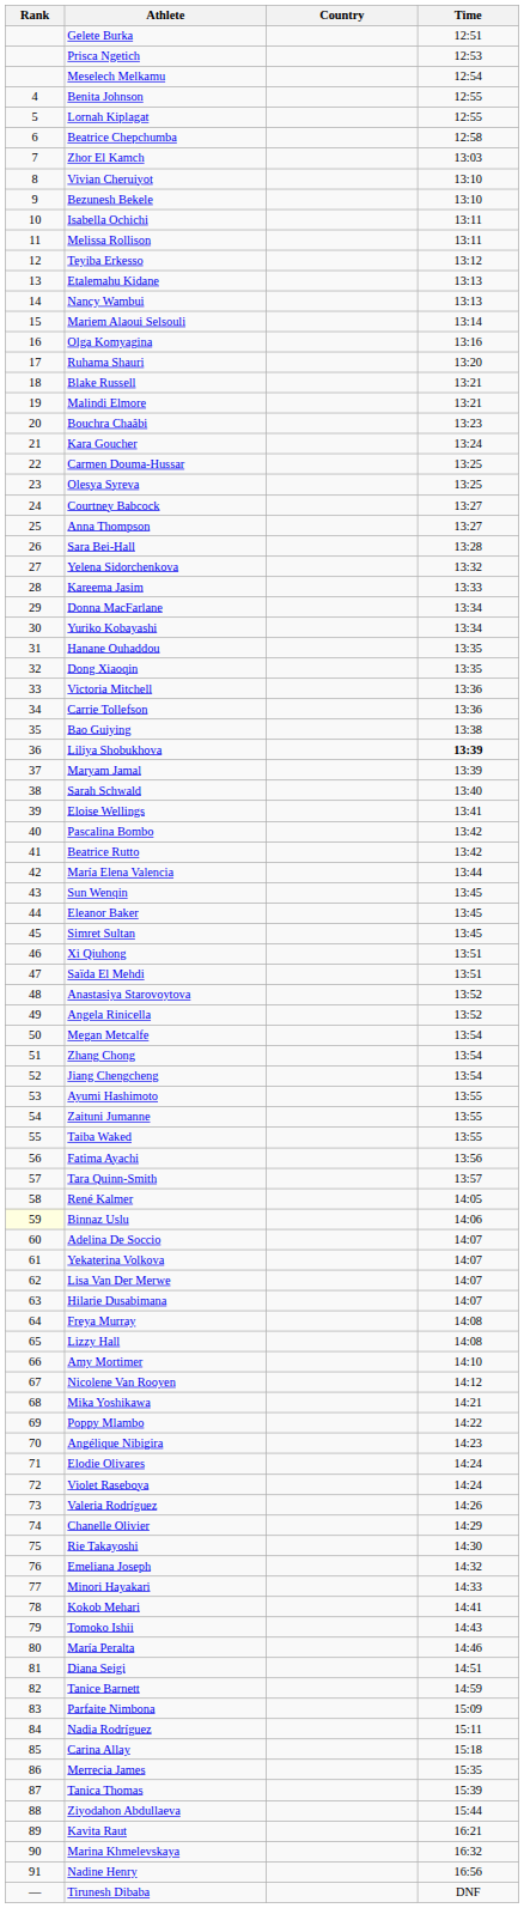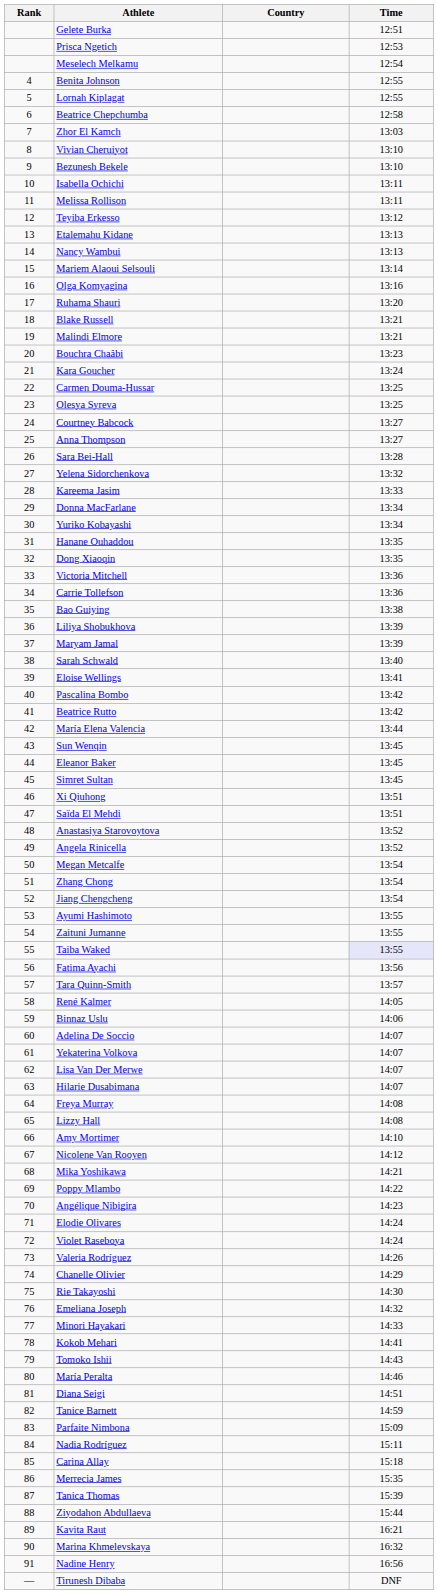 <table class="wikitable sortable" style=" text-align:center; font-size:95%;" width="50%">
 <tr>
 <th width=5%>Rank</th>
 <th width=20%>Athlete</th>
 <th width=15%>Country</th>
 <th width=10%>Time</th>
 </tr>
 <tr>
 <td align=center></td>
 <td align=left><a href='#'>Gelete Burka</a></td>
 <td align=left></td>
 <td>12:51</td>
 </tr>
 <tr>
 <td align=center></td>
 <td align=left><a href='#'>Prisca Ngetich</a></td>
 <td align=left></td>
 <td>12:53</td>
 </tr>
 <tr>
 <td align=center></td>
 <td align=left><a href='#'>Meselech Melkamu</a></td>
 <td align=left></td>
 <td>12:54</td>
 </tr>
 <tr>
 <td align=center>4</td>
 <td align=left><a href='#'>Benita Johnson</a></td>
 <td align=left></td>
 <td>12:55</td>
 </tr>
 <tr>
 <td align=center>5</td>
 <td align=left><a href='#'>Lornah Kiplagat</a></td>
 <td align=left></td>
 <td>12:55</td>
 </tr>
 <tr>
 <td align=center>6</td>
 <td align=left><a href='#'>Beatrice Chepchumba</a></td>
 <td align=left></td>
 <td>12:58</td>
 </tr>
 <tr>
 <td align=center>7</td>
 <td align=left><a href='#'>Zhor El Kamch</a></td>
 <td align=left></td>
 <td>13:03</td>
 </tr>
 <tr>
 <td align=center>8</td>
 <td align=left><a href='#'>Vivian Cheruiyot</a></td>
 <td align=left></td>
 <td>13:10</td>
 </tr>
 <tr>
 <td align=center>9</td>
 <td align=left><a href='#'>Bezunesh Bekele</a></td>
 <td align=left></td>
 <td>13:10</td>
 </tr>
 <tr>
 <td align=center>10</td>
 <td align=left><a href='#'>Isabella Ochichi</a></td>
 <td align=left></td>
 <td>13:11</td>
 </tr>
 <tr>
 <td align=center>11</td>
 <td align=left><a href='#'>Melissa Rollison</a></td>
 <td align=left></td>
 <td>13:11</td>
 </tr>
 <tr>
 <td align=center>12</td>
 <td align=left><a href='#'>Teyiba Erkesso</a></td>
 <td align=left></td>
 <td>13:12</td>
 </tr>
 <tr>
 <td align=center>13</td>
 <td align=left><a href='#'>Etalemahu Kidane</a></td>
 <td align=left></td>
 <td>13:13</td>
 </tr>
 <tr>
 <td align=center>14</td>
 <td align=left><a href='#'>Nancy Wambui</a></td>
 <td align=left></td>
 <td>13:13</td>
 </tr>
 <tr>
 <td align=center>15</td>
 <td align=left><a href='#'>Mariem Alaoui Selsouli</a></td>
 <td align=left></td>
 <td>13:14</td>
 </tr>
 <tr>
 <td align=center>16</td>
 <td align=left><a href='#'>Olga Komyagina</a></td>
 <td align=left></td>
 <td>13:16</td>
 </tr>
 <tr>
 <td align=center>17</td>
 <td align=left><a href='#'>Ruhama Shauri</a></td>
 <td align=left></td>
 <td>13:20</td>
 </tr>
 <tr>
 <td align=center>18</td>
 <td align=left><a href='#'>Blake Russell</a></td>
 <td align=left></td>
 <td>13:21</td>
 </tr>
 <tr>
 <td align=center>19</td>
 <td align=left><a href='#'>Malindi Elmore</a></td>
 <td align=left></td>
 <td>13:21</td>
 </tr>
 <tr>
 <td align=center>20</td>
 <td align=left><a href='#'>Bouchra Chaâbi</a></td>
 <td align=left></td>
 <td>13:23</td>
 </tr>
 <tr>
 <td align=center>21</td>
 <td align=left><a href='#'>Kara Goucher</a></td>
 <td align=left></td>
 <td>13:24</td>
 </tr>
 <tr>
 <td align=center>22</td>
 <td align=left><a href='#'>Carmen Douma-Hussar</a></td>
 <td align=left></td>
 <td>13:25</td>
 </tr>
 <tr>
 <td align=center>23</td>
 <td align=left><a href='#'>Olesya Syreva</a></td>
 <td align=left></td>
 <td>13:25</td>
 </tr>
 <tr>
 <td align=center>24</td>
 <td align=left><a href='#'>Courtney Babcock</a></td>
 <td align=left></td>
 <td>13:27</td>
 </tr>
 <tr>
 <td align=center>25</td>
 <td align=left><a href='#'>Anna Thompson</a></td>
 <td align=left></td>
 <td>13:27</td>
 </tr>
 <tr>
 <td align=center>26</td>
 <td align=left><a href='#'>Sara Bei-Hall</a></td>
 <td align=left></td>
 <td>13:28</td>
 </tr>
 <tr>
 <td align=center>27</td>
 <td align=left><a href='#'>Yelena Sidorchenkova</a></td>
 <td align=left></td>
 <td>13:32</td>
 </tr>
 <tr>
 <td align=center>28</td>
 <td align=left><a href='#'>Kareema Jasim</a></td>
 <td align=left></td>
 <td>13:33</td>
 </tr>
 <tr>
 <td align=center>29</td>
 <td align=left><a href='#'>Donna MacFarlane</a></td>
 <td align=left></td>
 <td>13:34</td>
 </tr>
 <tr>
 <td align=center>30</td>
 <td align=left><a href='#'>Yuriko Kobayashi</a></td>
 <td align=left></td>
 <td>13:34</td>
 </tr>
 <tr>
 <td align=center>31</td>
 <td align=left><a href='#'>Hanane Ouhaddou</a></td>
 <td align=left></td>
 <td>13:35</td>
 </tr>
 <tr>
 <td align=center>32</td>
 <td align=left><a href='#'>Dong Xiaoqin</a></td>
 <td align=left></td>
 <td>13:35</td>
 </tr>
 <tr>
 <td align=center>33</td>
 <td align=left><a href='#'>Victoria Mitchell</a></td>
 <td align=left></td>
 <td>13:36</td>
 </tr>
 <tr>
 <td align=center>34</td>
 <td align=left><a href='#'>Carrie Tollefson</a></td>
 <td align=left></td>
 <td>13:36</td>
 </tr>
 <tr>
 <td align=center>35</td>
 <td align=left><a href='#'>Bao Guiying</a></td>
 <td align=left></td>
 <td>13:38</td>
 </tr>
 <tr>
 <td align=center>36</td>
 <td align=left><a href='#'>Liliya Shobukhova</a></td>
 <td align=left></td>
-<td><strong>13:39</strong></td>
+<td>13:39</td>
 </tr>
 <tr>
 <td align=center>37</td>
 <td align=left><a href='#'>Maryam Jamal</a></td>
 <td align=left></td>
 <td>13:39</td>
 </tr>
 <tr>
 <td align=center>38</td>
 <td align=left><a href='#'>Sarah Schwald</a></td>
 <td align=left></td>
 <td>13:40</td>
 </tr>
 <tr>
 <td align=center>39</td>
 <td align=left><a href='#'>Eloise Wellings</a></td>
 <td align=left></td>
 <td>13:41</td>
 </tr>
 <tr>
 <td align=center>40</td>
 <td align=left><a href='#'>Pascalina Bombo</a></td>
 <td align=left></td>
 <td>13:42</td>
 </tr>
 <tr>
 <td align=center>41</td>
 <td align=left><a href='#'>Beatrice Rutto</a></td>
 <td align=left></td>
 <td>13:42</td>
 </tr>
 <tr>
 <td align=center>42</td>
 <td align=left><a href='#'>María Elena Valencia</a></td>
 <td align=left></td>
 <td>13:44</td>
 </tr>
 <tr>
 <td align=center>43</td>
 <td align=left><a href='#'>Sun Wenqin</a></td>
 <td align=left></td>
 <td>13:45</td>
 </tr>
 <tr>
 <td align=center>44</td>
 <td align=left><a href='#'>Eleanor Baker</a></td>
 <td align=left></td>
 <td>13:45</td>
 </tr>
 <tr>
 <td align=center>45</td>
 <td align=left><a href='#'>Simret Sultan</a></td>
 <td align=left></td>
 <td>13:45</td>
 </tr>
 <tr>
 <td align=center>46</td>
 <td align=left><a href='#'>Xi Qiuhong</a></td>
 <td align=left></td>
 <td>13:51</td>
 </tr>
 <tr>
 <td align=center>47</td>
 <td align=left><a href='#'>Saïda El Mehdi</a></td>
 <td align=left></td>
 <td>13:51</td>
 </tr>
 <tr>
 <td align=center>48</td>
 <td align=left><a href='#'>Anastasiya Starovoytova</a></td>
 <td align=left></td>
 <td>13:52</td>
 </tr>
 <tr>
 <td align=center>49</td>
 <td align=left><a href='#'>Angela Rinicella</a></td>
 <td align=left></td>
 <td>13:52</td>
 </tr>
 <tr>
 <td align=center>50</td>
 <td align=left><a href='#'>Megan Metcalfe</a></td>
 <td align=left></td>
 <td>13:54</td>
 </tr>
 <tr>
 <td align=center>51</td>
 <td align=left><a href='#'>Zhang Chong</a></td>
 <td align=left></td>
 <td>13:54</td>
 </tr>
 <tr>
 <td align=center>52</td>
 <td align=left><a href='#'>Jiang Chengcheng</a></td>
 <td align=left></td>
 <td>13:54</td>
 </tr>
 <tr>
 <td align=center>53</td>
 <td align=left><a href='#'>Ayumi Hashimoto</a></td>
 <td align=left></td>
 <td>13:55</td>
 </tr>
 <tr>
 <td align=center>54</td>
 <td align=left><a href='#'>Zaituni Jumanne</a></td>
 <td align=left></td>
 <td>13:55</td>
 </tr>
 <tr>
 <td align=center>55</td>
 <td align=left><a href='#'>Taiba Waked</a></td>
 <td align=left></td>
-<td>13:55</td>
+<td style="background: lavender;">13:55</td>
 </tr>
 <tr>
 <td align=center>56</td>
 <td align=left><a href='#'>Fatima Ayachi</a></td>
 <td align=left></td>
 <td>13:56</td>
 </tr>
 <tr>
 <td align=center>57</td>
 <td align=left><a href='#'>Tara Quinn-Smith</a></td>
 <td align=left></td>
 <td>13:57</td>
 </tr>
 <tr>
 <td align=center>58</td>
 <td align=left><a href='#'>René Kalmer</a></td>
 <td align=left></td>
 <td>14:05</td>
 </tr>
 <tr>
-<td align=center style="background: lightyellow;">59</td>
+<td align=center>59</td>
 <td align=left><a href='#'>Binnaz Uslu</a></td>
 <td align=left></td>
 <td>14:06</td>
 </tr>
 <tr>
 <td align=center>60</td>
 <td align=left><a href='#'>Adelina De Soccio</a></td>
 <td align=left></td>
 <td>14:07</td>
 </tr>
 <tr>
 <td align=center>61</td>
 <td align=left><a href='#'>Yekaterina Volkova</a></td>
 <td align=left></td>
 <td>14:07</td>
 </tr>
 <tr>
 <td align=center>62</td>
 <td align=left><a href='#'>Lisa Van Der Merwe</a></td>
 <td align=left></td>
 <td>14:07</td>
 </tr>
 <tr>
 <td align=center>63</td>
 <td align=left><a href='#'>Hilarie Dusabimana</a></td>
 <td align=left></td>
 <td>14:07</td>
 </tr>
 <tr>
 <td align=center>64</td>
 <td align=left><a href='#'>Freya Murray</a></td>
 <td align=left></td>
 <td>14:08</td>
 </tr>
 <tr>
 <td align=center>65</td>
 <td align=left><a href='#'>Lizzy Hall</a></td>
 <td align=left></td>
 <td>14:08</td>
 </tr>
 <tr>
 <td align=center>66</td>
 <td align=left><a href='#'>Amy Mortimer</a></td>
 <td align=left></td>
 <td>14:10</td>
 </tr>
 <tr>
 <td align=center>67</td>
 <td align=left><a href='#'>Nicolene Van Rooyen</a></td>
 <td align=left></td>
 <td>14:12</td>
 </tr>
 <tr>
 <td align=center>68</td>
 <td align=left><a href='#'>Mika Yoshikawa</a></td>
 <td align=left></td>
 <td>14:21</td>
 </tr>
 <tr>
 <td align=center>69</td>
 <td align=left><a href='#'>Poppy Mlambo</a></td>
 <td align=left></td>
 <td>14:22</td>
 </tr>
 <tr>
 <td align=center>70</td>
 <td align=left><a href='#'>Angélique Nibigira</a></td>
 <td align=left></td>
 <td>14:23</td>
 </tr>
 <tr>
 <td align=center>71</td>
 <td align=left><a href='#'>Elodie Olivares</a></td>
 <td align=left></td>
 <td>14:24</td>
 </tr>
 <tr>
 <td align=center>72</td>
 <td align=left><a href='#'>Violet Raseboya</a></td>
 <td align=left></td>
 <td>14:24</td>
 </tr>
 <tr>
 <td align=center>73</td>
 <td align=left><a href='#'>Valeria Rodríguez</a></td>
 <td align=left></td>
 <td>14:26</td>
 </tr>
 <tr>
 <td align=center>74</td>
 <td align=left><a href='#'>Chanelle Olivier</a></td>
 <td align=left></td>
 <td>14:29</td>
 </tr>
 <tr>
 <td align=center>75</td>
 <td align=left><a href='#'>Rie Takayoshi</a></td>
 <td align=left></td>
 <td>14:30</td>
 </tr>
 <tr>
 <td align=center>76</td>
 <td align=left><a href='#'>Emeliana Joseph</a></td>
 <td align=left></td>
 <td>14:32</td>
 </tr>
 <tr>
 <td align=center>77</td>
 <td align=left><a href='#'>Minori Hayakari</a></td>
 <td align=left></td>
 <td>14:33</td>
 </tr>
 <tr>
 <td align=center>78</td>
 <td align=left><a href='#'>Kokob Mehari</a></td>
 <td align=left></td>
 <td>14:41</td>
 </tr>
 <tr>
 <td align=center>79</td>
 <td align=left><a href='#'>Tomoko Ishii</a></td>
 <td align=left></td>
 <td>14:43</td>
 </tr>
 <tr>
 <td align=center>80</td>
 <td align=left><a href='#'>María Peralta</a></td>
 <td align=left></td>
 <td>14:46</td>
 </tr>
 <tr>
 <td align=center>81</td>
 <td align=left><a href='#'>Diana Seigi</a></td>
 <td align=left></td>
 <td>14:51</td>
 </tr>
 <tr>
 <td align=center>82</td>
 <td align=left><a href='#'>Tanice Barnett</a></td>
 <td align=left></td>
 <td>14:59</td>
 </tr>
 <tr>
 <td align=center>83</td>
 <td align=left><a href='#'>Parfaite Nimbona</a></td>
 <td align=left></td>
 <td>15:09</td>
 </tr>
 <tr>
 <td align=center>84</td>
 <td align=left><a href='#'>Nadia Rodríguez</a></td>
 <td align=left></td>
 <td>15:11</td>
 </tr>
 <tr>
 <td align=center>85</td>
 <td align=left><a href='#'>Carina Allay</a></td>
 <td align=left></td>
 <td>15:18</td>
 </tr>
 <tr>
 <td align=center>86</td>
 <td align=left><a href='#'>Merrecia James</a></td>
 <td align=left></td>
 <td>15:35</td>
 </tr>
 <tr>
 <td align=center>87</td>
 <td align=left><a href='#'>Tanica Thomas</a></td>
 <td align=left></td>
 <td>15:39</td>
 </tr>
 <tr>
 <td align=center>88</td>
 <td align=left><a href='#'>Ziyodahon Abdullaeva</a></td>
 <td align=left></td>
 <td>15:44</td>
 </tr>
 <tr>
 <td align=center>89</td>
 <td align=left><a href='#'>Kavita Raut</a></td>
 <td align=left></td>
 <td>16:21</td>
 </tr>
 <tr>
 <td align=center>90</td>
 <td align=left><a href='#'>Marina Khmelevskaya</a></td>
 <td align=left></td>
 <td>16:32</td>
 </tr>
 <tr>
 <td align=center>91</td>
 <td align=left><a href='#'>Nadine Henry</a></td>
 <td align=left></td>
 <td>16:56</td>
 </tr>
 <tr>
 <td align=center>—</td>
 <td align=left><a href='#'>Tirunesh Dibaba</a></td>
 <td align=left></td>
 <td>DNF</td>
 </tr>
 </table>
